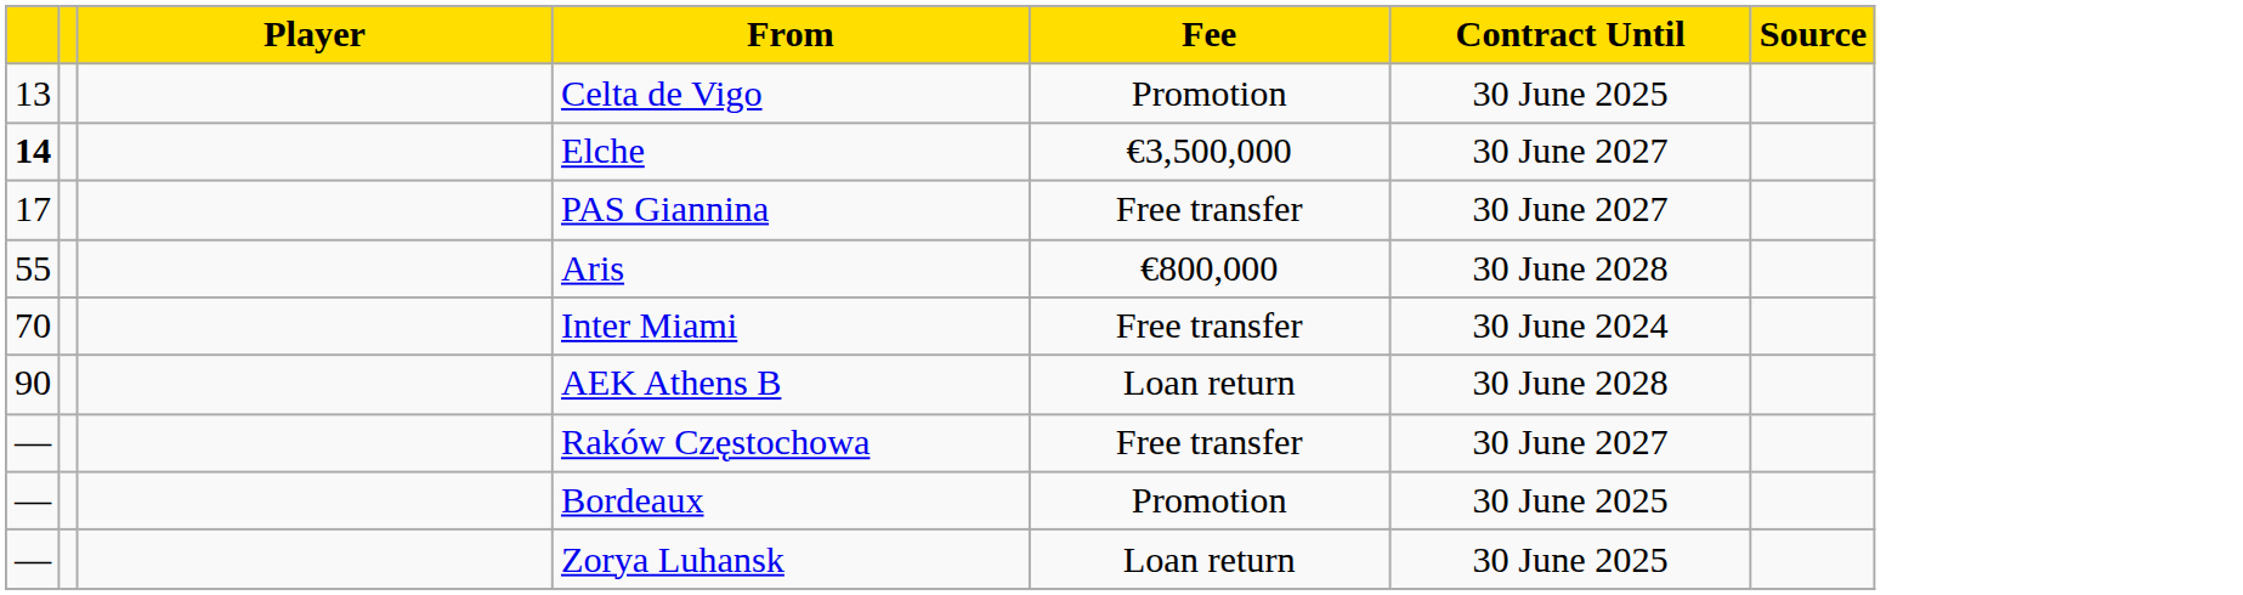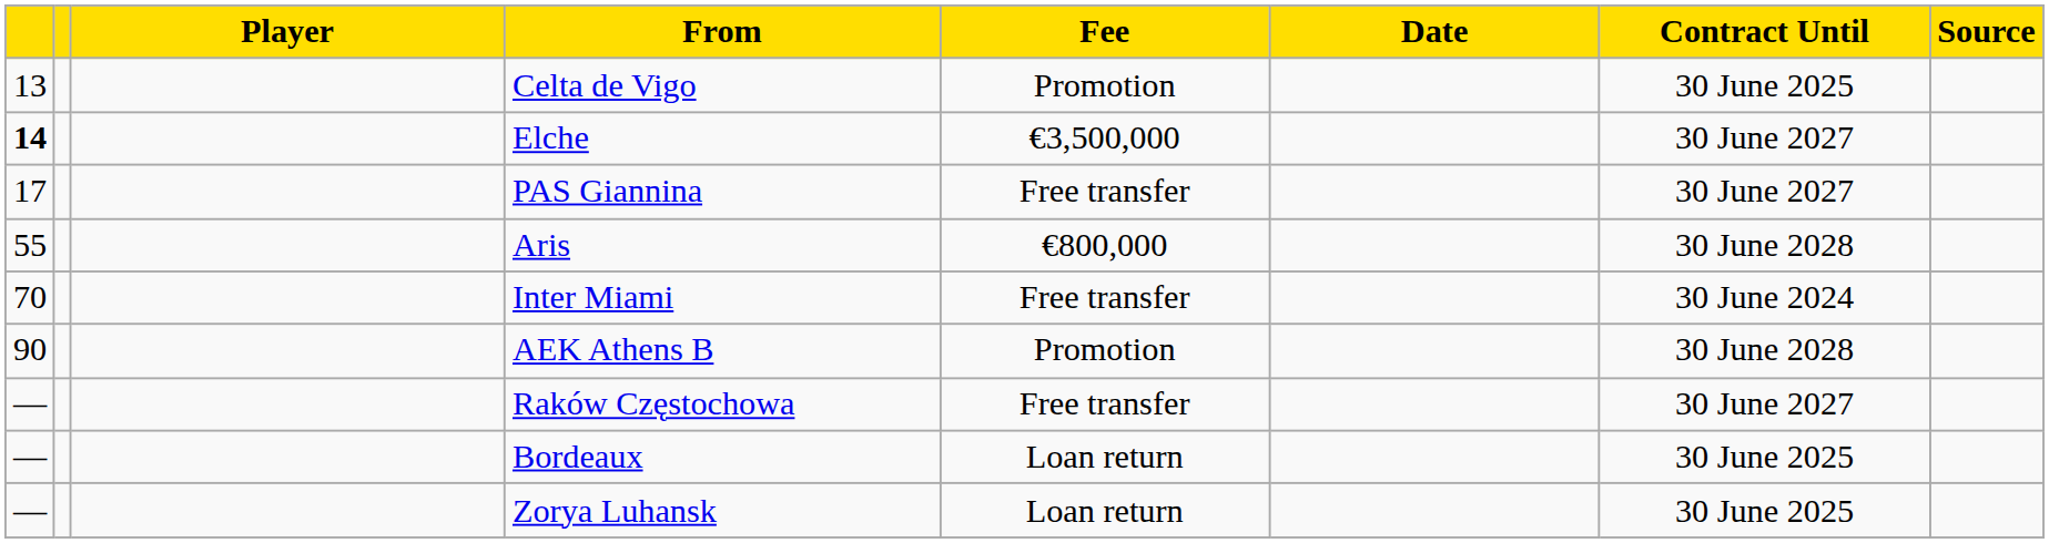 <table class="wikitable sortable">
 <tr>
 <th style="background:#FFDE00"></th>
 <th style="background:#FFDE00"></th>
 <th width=200 style="background:#FFDE00">Player</th>
 <th width=200 style="background:#FFDE00">From</th>
 <th width=150 style="background:#FFDE00">Fee</th>
+<th width=150 style="background:#FFDE00">Date</th>
 <th width=150 style="background:#FFDE00">Contract Until</th>
 <th style="background:#FFDE00">Source</th>
 </tr>
 <tr>
 <td align=center>13</td>
 <td align=center></td>
 <td></td>
 <td> <a href='#'>Celta de Vigo</a></td>
 <td align=center>Promotion</td>
+<td align=center></td>
 <td align=center>30 June 2025</td>
 <td align=center></td>
 </tr>
 <tr>
 <td align=center><strong>14</strong></td>
 <td align=center></td>
 <td></td>
 <td> <a href='#'>Elche</a></td>
 <td align=center>€3,500,000</td>
+<td align=center></td>
 <td align=center>30 June 2027</td>
 <td align=center></td>
 </tr>
 <tr>
 <td align=center>17</td>
 <td align=center></td>
 <td></td>
 <td> <a href='#'>PAS Giannina</a></td>
 <td align=center>Free transfer</td>
+<td align=center></td>
 <td align=center>30 June 2027</td>
 <td align=center></td>
 </tr>
 <tr>
 <td align=center>55</td>
 <td align=center></td>
 <td></td>
 <td> <a href='#'>Aris</a></td>
 <td align=center>€800,000</td>
+<td align=center></td>
 <td align=center>30 June 2028</td>
 <td align=center></td>
 </tr>
 <tr>
 <td align=center>70</td>
 <td align=center></td>
 <td></td>
 <td> <a href='#'>Inter Miami</a></td>
 <td align=center>Free transfer</td>
+<td align=center></td>
 <td align=center>30 June 2024</td>
 <td align=center></td>
 </tr>
 <tr>
 <td align=center>90</td>
 <td align=center></td>
 <td></td>
 <td> <a href='#'>AEK Athens Β</a></td>
-<td align=center>Loan return</td>
+<td align=center>Promotion</td>
+<td align=center></td>
 <td align=center>30 June 2028</td>
 <td align=center></td>
 </tr>
 <tr>
 <td align=center>—</td>
 <td align=center></td>
 <td></td>
 <td> <a href='#'>Raków Częstochowa</a></td>
 <td align=center>Free transfer</td>
+<td align=center></td>
 <td align=center>30 June 2027</td>
 <td align=center></td>
 </tr>
 <tr>
 <td align=center>—</td>
 <td align=center></td>
 <td></td>
 <td> <a href='#'>Bordeaux</a></td>
-<td align=center>Promotion</td>
+<td align=center>Loan return</td>
+<td align=center></td>
 <td align=center>30 June 2025</td>
 <td align=center></td>
 </tr>
 <tr>
 <td align=center>—</td>
 <td align=center></td>
 <td></td>
 <td> <a href='#'>Zorya Luhansk</a></td>
 <td align=center>Loan return</td>
+<td align=center></td>
 <td align=center>30 June 2025</td>
 <td align=center></td>
 </tr>
 </table>
